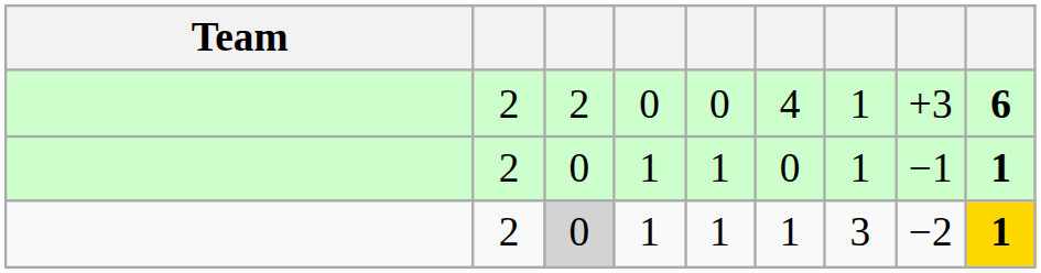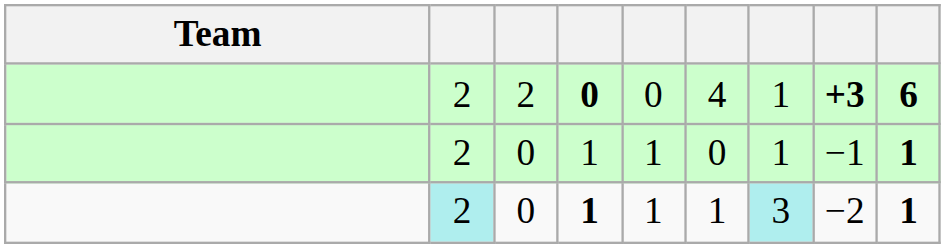 <table class="wikitable" style="text-align:center;">
 <tr>
 <th width=175>Team</th>
 <th width=20></th>
 <th width=20></th>
 <th width=20></th>
 <th width=20></th>
 <th width=20></th>
 <th width=20></th>
 <th width=20></th>
 <th width=20></th>
 </tr>
 <tr bgcolor="#ccffcc">
 <td align=left></td>
 <td>2</td>
 <td>2</td>
-<td>0</td>
+<td><strong>0</strong></td>
 <td>0</td>
 <td>4</td>
 <td>1</td>
-<td>+3</td>
+<td><strong>+3</strong></td>
 <td><strong>6</strong></td>
 </tr>
 <tr bgcolor="#ccffcc">
 <td align=left></td>
 <td>2</td>
 <td>0</td>
 <td>1</td>
 <td>1</td>
 <td>0</td>
 <td>1</td>
 <td>−1</td>
 <td><strong>1</strong></td>
 </tr>
 <tr>
 <td align=left></td>
-<td>2</td>
-<td style="background: lightgrey;">0</td>
+<td style="background: paleturquoise;">2</td>
+<td>0</td>
+<td><strong>1</strong></td>
 <td>1</td>
 <td>1</td>
-<td>1</td>
-<td>3</td>
+<td style="background: paleturquoise;">3</td>
 <td>−2</td>
-<td style="background: gold;"><strong>1</strong></td>
+<td><strong>1</strong></td>
 </tr>
 </table>
